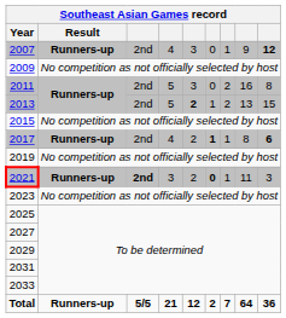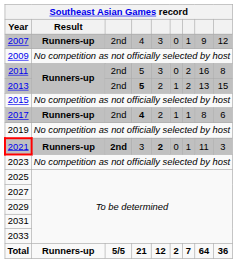 <table class="wikitable" style="text-align: center;font-size:90%;">
 <tr>
 <th colspan="9"><a href='#'>Southeast Asian Games</a> record</th>
 </tr>
 <tr>
 <th>Year</th>
 <th>Result</th>
 <th></th>
 <th></th>
 <th></th>
 <th></th>
 <th></th>
 <th></th>
 <th></th>
 </tr>
 <tr bgcolor=silver>
 <td> <a href='#'>2007</a></td>
 <td><strong>Runners-up</strong></td>
 <td>2nd</td>
 <td>4</td>
 <td>3</td>
 <td>0</td>
 <td>1</td>
 <td>9</td>
-<td><strong>12</strong></td>
+<td>12</td>
 </tr>
 <tr>
 <td> <a href='#'>2009</a></td>
 <td colspan=8><em>No competition as not officially selected by host</em></td>
 </tr>
 <tr bgcolor=silver>
 <td> <a href='#'>2011</a></td>
 <td rowspan="2"><strong>Runners-up</strong></td>
 <td>2nd</td>
 <td>5</td>
 <td>3</td>
 <td>0</td>
 <td>2</td>
 <td>16</td>
 <td>8</td>
 </tr>
 <tr bgcolor=silver>
 <td> <a href='#'>2013</a></td>
 <td>2nd</td>
-<td>5</td>
-<td><strong>2</strong></td>
+<td><strong>5</strong></td>
+<td>2</td>
 <td>1</td>
 <td>2</td>
 <td>13</td>
 <td>15</td>
 </tr>
 <tr>
 <td> <a href='#'>2015</a></td>
 <td colspan=8><em>No competition as not officially selected by host</em></td>
 </tr>
 <tr bgcolor=silver>
 <td> <a href='#'>2017</a></td>
 <td><strong>Runners-up</strong></td>
 <td>2nd</td>
-<td>4</td>
+<td><strong>4</strong></td>
 <td>2</td>
-<td><strong>1</strong></td>
+<td>1</td>
 <td>1</td>
 <td>8</td>
-<td><strong>6</strong></td>
+<td>6</td>
 </tr>
 <tr>
 <td> 2019</td>
 <td colspan="8"><em>No competition as not officially selected by host</em></td>
 </tr>
 <tr bgcolor=silver>
 <td style="border: 3px solid red"> <a href='#'>2021</a></td>
 <td><strong>Runners-up</strong></td>
 <td><strong>2nd</strong></td>
 <td>3</td>
-<td>2</td>
-<td><strong>0</strong></td>
+<td><strong>2</strong></td>
+<td>0</td>
 <td>1</td>
 <td>11</td>
 <td>3</td>
 </tr>
 <tr>
 <td> 2023</td>
 <td colspan="8"><em>No competition as not officially selected by host</em></td>
 </tr>
 <tr>
 <td> 2025</td>
 <td colspan="8" rowspan="5"><em>To be determined</em></td>
 </tr>
 <tr>
 <td> 2027</td>
 </tr>
 <tr>
 <td> 2029</td>
 </tr>
 <tr>
 <td> 2031</td>
 </tr>
 <tr>
 <td> 2033</td>
 </tr>
 <tr>
 <td><strong>Total</strong></td>
 <td><strong>Runners-up</strong></td>
 <td><strong>5/5</strong></td>
 <td><strong>21</strong></td>
 <td><strong>12</strong></td>
 <td><strong>2</strong></td>
 <td><strong>7</strong></td>
 <td><strong>64</strong></td>
 <td><strong>36</strong></td>
 </tr>
 </table>
